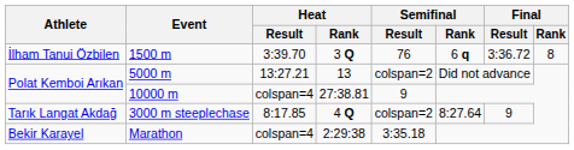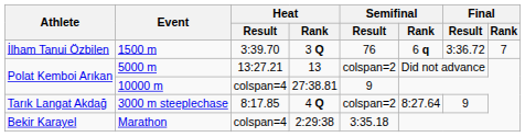 <table class="wikitable" style="font-size:90%">
 <tr>
 <th rowspan="2">Athlete</th>
 <th rowspan="2">Event</th>
 <th colspan="2">Heat</th>
 <th colspan="2">Semifinal</th>
 <th colspan="2">Final</th>
 </tr>
 <tr style="font-size:95%">
 <th>Result</th>
 <th>Rank</th>
 <th>Result</th>
 <th>Rank</th>
 <th>Result</th>
 <th>Rank</th>
 </tr>
 <tr align=center>
 <td align=left><a href='#'>İlham Tanui Özbilen</a></td>
 <td align=left><a href='#'>1500 m</a></td>
 <td>3:39.70</td>
 <td>3 <strong>Q</strong></td>
 <td>76</td>
 <td>6 <strong>q</strong></td>
 <td>3:36.72</td>
-<td>8</td>
+<td>7</td>
 </tr>
 <tr align=center>
 <td align=left rowspan=2><a href='#'>Polat Kemboi Arıkan</a></td>
 <td align=left><a href='#'>5000 m</a></td>
 <td>13:27.21</td>
 <td>13</td>
 <td>colspan=2 </td>
 <td colspan=2>Did not advance</td>
 </tr>
 <tr align=center>
 <td align=left><a href='#'>10000 m</a></td>
 <td>colspan=4 </td>
 <td>27:38.81</td>
 <td>9</td>
 </tr>
 <tr align=center>
 <td align=left><a href='#'>Tarık Langat Akdağ</a></td>
 <td align=left><a href='#'>3000 m steeplechase</a></td>
 <td>8:17.85</td>
 <td>4 <strong>Q</strong></td>
 <td>colspan=2 </td>
 <td>8:27.64</td>
 <td>9</td>
 </tr>
 <tr align=center>
 <td align=left><a href='#'>Bekir Karayel</a></td>
 <td align=left><a href='#'>Marathon</a></td>
 <td>colspan=4 </td>
 <td>2:29:38</td>
 <td>3:35.18</td>
 </tr>
 </table>
